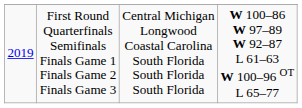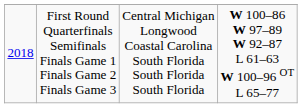 <table class="wikitable">
 <tr align="center">
 </tr>
 <tr align="center">
-<td><a href='#'>2019</a></td>
+<td><a href='#'>2018</a></td>
 <td>First Round<br>Quarterfinals<br>Semifinals<br>Finals Game 1<br>Finals Game 2 <br>Finals Game 3</td>
 <td>Central Michigan<br>Longwood<br>Coastal Carolina<br>South Florida<br>South Florida<br>South Florida</td>
 <td><strong>W</strong> 100–86<br> <strong>W</strong> 97–89<br><strong>W</strong> 92–87<br>L 61–63<br><strong>W</strong> 100–96 <sup>OT</sup><br>L 65–77</td>
 </tr>
 </table>
